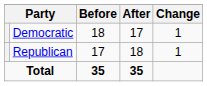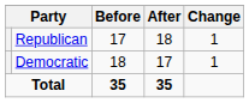 <table class="wikitable" style="text-align:center;">
 <tr>
 </tr>
 <tr>
 <th colspan=2>Party</th>
 <th>Before</th>
 <th>After</th>
 <th>Change</th>
 </tr>
 <tr>
 <th style="background-color:"></th>
-<td style="text-align:left;"><a href='#'>Democratic</a></td>
+<td style="text-align:left;"><a href='#'>Republican</a></td>
+<td>17</td>
 <td>18</td>
-<td>17</td>
 <td> 1</td>
 </tr>
 <tr>
 <th style="background-color:"></th>
-<td style="text-align:left;"><a href='#'>Republican</a></td>
+<td style="text-align:left;"><a href='#'>Democratic</a></td>
+<td>18</td>
 <td>17</td>
-<td>18</td>
 <td> 1</td>
 </tr>
 <tr>
 <td colspan=2><strong>Total</strong></td>
 <td><strong>35</strong></td>
 <td><strong>35</strong></td>
 <td></td>
 </tr>
 </table>
